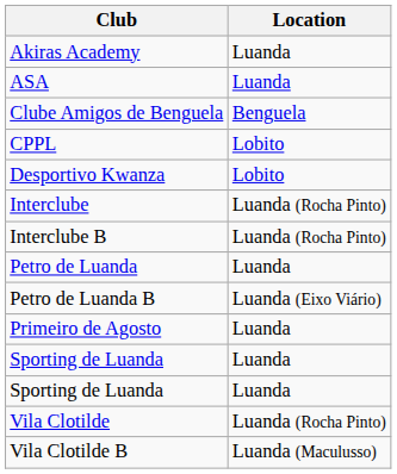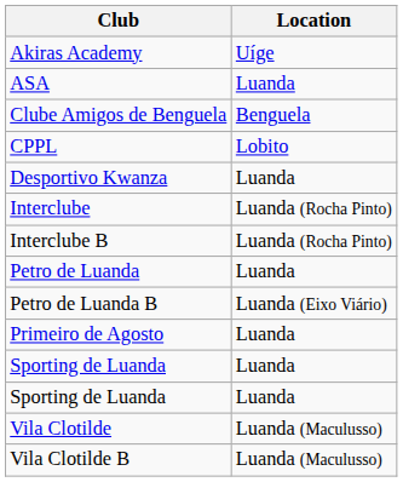 <table class="wikitable sortable">
 <tr>
 <th>Club</th>
 <th>Location</th>
 </tr>
 <tr>
 <td><a href='#'>Akiras Academy</a></td>
-<td>Luanda</td>
+<td><a href='#'>Uíge</a></td>
 </tr>
 <tr>
 <td><a href='#'>ASA</a></td>
 <td><a href='#'>Luanda</a></td>
 </tr>
 <tr>
 <td><a href='#'>Clube Amigos de Benguela</a></td>
 <td><a href='#'>Benguela</a></td>
 </tr>
 <tr>
 <td><a href='#'>CPPL</a></td>
 <td><a href='#'>Lobito</a></td>
 </tr>
 <tr>
 <td><a href='#'>Desportivo Kwanza</a></td>
-<td><a href='#'>Lobito</a></td>
+<td>Luanda</td>
 </tr>
 <tr>
 <td><a href='#'>Interclube</a></td>
 <td>Luanda <small>(Rocha Pinto)</small></td>
 </tr>
 <tr>
 <td>Interclube B</td>
 <td>Luanda <small>(Rocha Pinto)</small></td>
 </tr>
 <tr>
 <td><a href='#'>Petro de Luanda</a></td>
 <td>Luanda</td>
 </tr>
 <tr>
 <td>Petro de Luanda B</td>
 <td>Luanda <small>(Eixo Viário)</small></td>
 </tr>
 <tr>
 <td><a href='#'>Primeiro de Agosto</a></td>
 <td>Luanda</td>
 </tr>
 <tr>
 <td><a href='#'>Sporting de Luanda</a></td>
 <td>Luanda</td>
 </tr>
 <tr>
 <td>Sporting de Luanda</td>
 <td>Luanda</td>
 </tr>
 <tr>
 <td><a href='#'>Vila Clotilde</a></td>
-<td>Luanda <small>(Rocha Pinto)</small></td>
+<td>Luanda <small>(Maculusso)</small></td>
 </tr>
 <tr>
 <td>Vila Clotilde B</td>
 <td>Luanda <small>(Maculusso)</small></td>
 </tr>
 </table>
